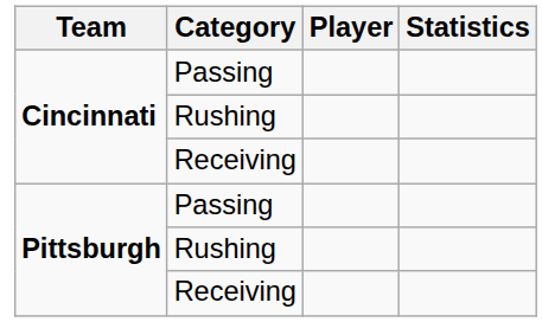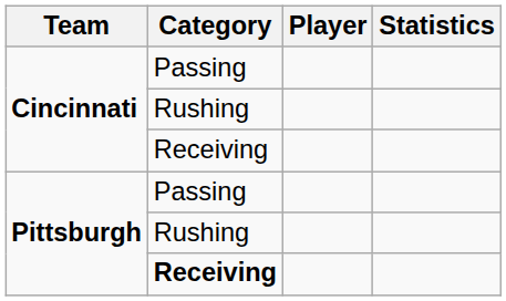 <table class="wikitable" style="float: right;">
 <tr>
 <th>Team</th>
 <th>Category</th>
 <th>Player</th>
 <th>Statistics</th>
 </tr>
 <tr>
 <td rowspan=3><strong>Cincinnati</strong></td>
 <td>Passing</td>
 <td></td>
 <td></td>
 </tr>
 <tr>
 <td>Rushing</td>
 <td></td>
 <td></td>
 </tr>
 <tr>
 <td>Receiving</td>
 <td></td>
 <td></td>
 </tr>
 <tr>
 <td rowspan=3><strong>Pittsburgh</strong></td>
 <td>Passing</td>
 <td></td>
 <td></td>
 </tr>
 <tr>
 <td>Rushing</td>
 <td></td>
 <td></td>
 </tr>
 <tr>
-<td>Receiving</td>
+<td><strong>Receiving</strong></td>
 <td></td>
 <td></td>
 </tr>
 </table>
